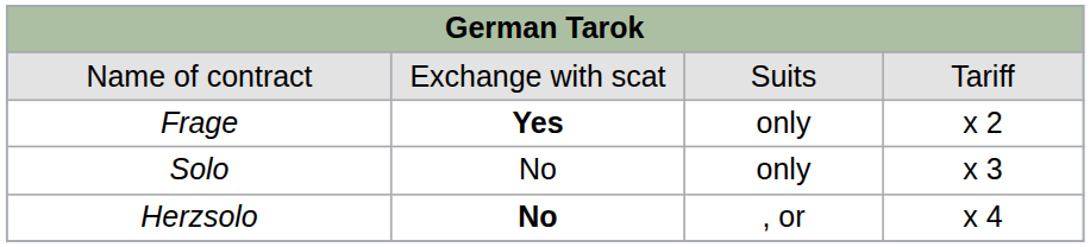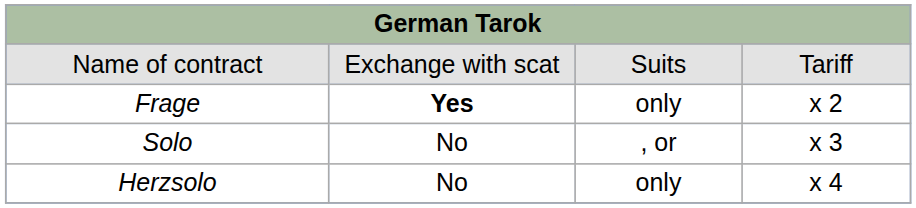 <table class="wikitable" style="float: middle; background: #7C9ED9; margin-left: 1em; border-spacing: 1px;">
 <tr align="center">
 <td style="background: #Acbfa3;" colspan="4"><strong>German Tarok</strong></td>
 </tr>
 <tr align="center">
 <td style="width: 200px; background: #e3e3e3;">Name of contract</td>
 <td style="width: 150px; background: #e3e3e3;">Exchange with scat</td>
 <td style="width: 100px; background: #e3e3e3;">Suits</td>
 <td style="width: 100px; background: #e3e3e3;">Tariff</td>
 </tr>
 <tr align="center">
 <td style="background: #ffffff;"><em>Frage</em></td>
 <td style="background: #ffffff;"><strong>Yes</strong></td>
 <td style="background: #ffffff;"> only</td>
 <td style="background: #ffffff;">x 2</td>
 </tr>
 <tr align="center">
 <td style="background: #ffffff;"><em>Solo</em></td>
 <td style="background: #ffffff;">No</td>
-<td style="background: #ffffff;"> only</td>
+<td style="background: #ffffff;">,  or </td>
 <td style="background: #ffffff;">x 3</td>
 </tr>
 <tr align="center">
 <td style="background: #ffffff;"><em>Herzsolo</em></td>
-<td style="background: #ffffff;"><strong>No</strong></td>
-<td style="background: #ffffff;">,  or </td>
+<td style="background: #ffffff;">No</td>
+<td style="background: #ffffff;"> only</td>
 <td style="background: #ffffff;">x 4</td>
 </tr>
 </table>
